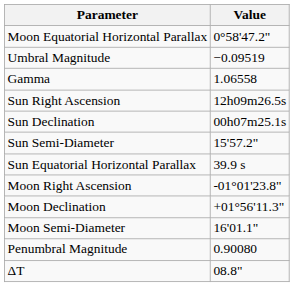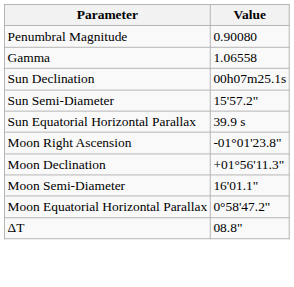 <table class="wikitable">
 <tr>
 <th>Parameter</th>
 <th>Value</th>
 </tr>
 <tr>
-<td>Moon Equatorial Horizontal Parallax</td>
-<td>0°58'47.2"</td>
-</tr>
-<tr>
-<td>Umbral Magnitude</td>
-<td>−0.09519</td>
+<td>Penumbral Magnitude</td>
+<td>0.90080</td>
 </tr>
 <tr>
 <td>Gamma</td>
 <td>1.06558</td>
-</tr>
-<tr>
-<td>Sun Right Ascension</td>
-<td>12h09m26.5s</td>
 </tr>
 <tr>
 <td>Sun Declination</td>
 <td>00h07m25.1s</td>
 </tr>
 <tr>
 <td>Sun Semi-Diameter</td>
 <td>15'57.2"</td>
 </tr>
 <tr>
 <td>Sun Equatorial Horizontal Parallax</td>
 <td>39.9 s</td>
 </tr>
 <tr>
 <td>Moon Right Ascension</td>
 <td>-01°01'23.8"</td>
 </tr>
 <tr>
 <td>Moon Declination</td>
 <td>+01°56'11.3"</td>
 </tr>
 <tr>
 <td>Moon Semi-Diameter</td>
 <td>16'01.1"</td>
 </tr>
 <tr>
-<td>Penumbral Magnitude</td>
-<td>0.90080</td>
+<td>Moon Equatorial Horizontal Parallax</td>
+<td>0°58'47.2"</td>
 </tr>
 <tr>
 <td>ΔT</td>
 <td>08.8"</td>
 </tr>
 </table>
